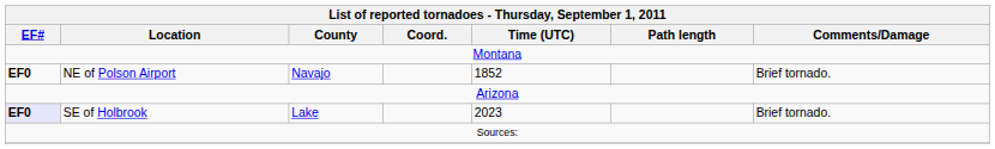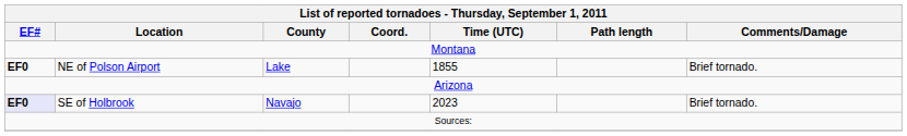 <table class="wikitable collapsible" width="100%">
 <tr>
 <th colspan="7">List of reported tornadoes - Thursday, September 1, 2011</th>
 </tr>
 <tr>
 <th><a href='#'>EF#</a></th>
 <th>Location</th>
 <th>County</th>
 <th>Coord.</th>
 <th>Time (UTC)</th>
 <th>Path length</th>
 <th>Comments/Damage</th>
 </tr>
 <tr>
 <td colspan="7" align=center><a href='#'>Montana</a></td>
 </tr>
 <tr>
 <td><strong>EF0</strong></td>
 <td>NE of <a href='#'>Polson Airport</a></td>
-<td><a href='#'>Navajo</a></td>
+<td><a href='#'>Lake</a></td>
 <td></td>
-<td>1852</td>
+<td>1855</td>
 <td></td>
 <td>Brief tornado.</td>
 </tr>
 <tr>
 <td colspan="7" align=center><a href='#'>Arizona</a></td>
 </tr>
 <tr>
 <td style="background: lavender;"><strong>EF0</strong></td>
 <td>SE of <a href='#'>Holbrook</a></td>
-<td><a href='#'>Lake</a></td>
+<td><a href='#'>Navajo</a></td>
 <td></td>
 <td>2023</td>
 <td></td>
 <td>Brief tornado.</td>
 </tr>
 <tr>
 <td colspan="7" align=center><small>Sources: </small></td>
 </tr>
 <tr>
 </tr>
 </table>
